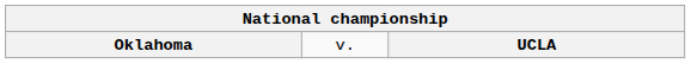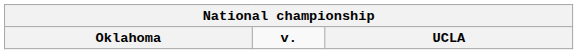 <table class="wikitable">
 <tr>
 <th style="width: 535px;" colspan=3>National championship</th>
 </tr>
 <tr>
 <th style="width: 219px; ">Oklahoma</th>
-<td style="width: 60px; text-align:center">v.</td>
+<td style="width: 60px; text-align:center"><strong>v.</strong></td>
 <th style="width: 219px; ">UCLA</th>
 </tr>
 </table>
